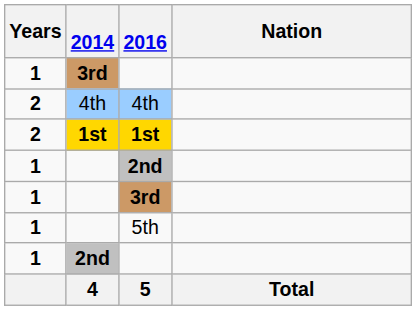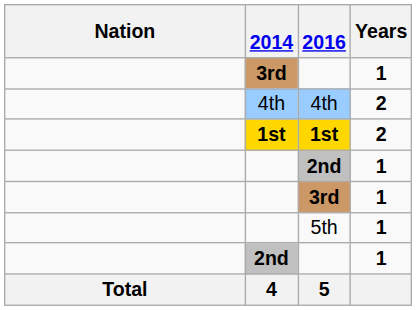 <table class="wikitable" style="text-align:center; font-size:90%">
 <tr>
-<th>Years</th>
+<th width=170>Nation</th>
 <th><br><a href='#'>2014</a></th>
 <th><br><a href='#'>2016</a></th>
-<th width=170>Nation</th>
+<th>Years</th>
 </tr>
 <tr>
-<td><strong>1</strong></td>
+<td align=left></td>
 <td bgcolor=#cc9966><strong>3rd</strong></td>
 <td></td>
-<td align=left></td>
+<td><strong>1</strong></td>
 </tr>
 <tr>
-<td><strong>2</strong></td>
+<td align=left></td>
 <td bgcolor="9acdff">4th</td>
 <td bgcolor="9acdff">4th</td>
-<td align=left></td>
+<td><strong>2</strong></td>
 </tr>
 <tr>
-<td><strong>2</strong></td>
+<td align=left></td>
 <td bgcolor=gold><strong>1st</strong></td>
 <td bgcolor=gold><strong>1st</strong></td>
-<td align=left></td>
+<td><strong>2</strong></td>
 </tr>
 <tr>
-<td><strong>1</strong></td>
+<td align=left></td>
 <td></td>
 <td bgcolor=silver><strong>2nd</strong></td>
-<td align=left></td>
+<td><strong>1</strong></td>
 </tr>
 <tr>
-<td><strong>1</strong></td>
+<td align=left></td>
 <td></td>
 <td bgcolor=#cc9966><strong>3rd</strong></td>
-<td align=left></td>
+<td><strong>1</strong></td>
 </tr>
 <tr>
-<td><strong>1</strong></td>
+<td align=left></td>
 <td></td>
 <td>5th</td>
-<td align=left></td>
+<td><strong>1</strong></td>
 </tr>
 <tr>
-<td><strong>1</strong></td>
+<td align=left></td>
 <td bgcolor=silver><strong>2nd</strong></td>
 <td></td>
-<td align=left></td>
+<td><strong>1</strong></td>
 </tr>
 <tr>
-<th></th>
+<th>Total</th>
 <th>4</th>
 <th>5</th>
-<th>Total</th>
+<th></th>
 </tr>
 </table>
